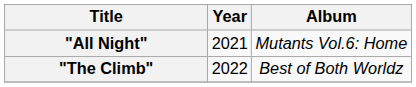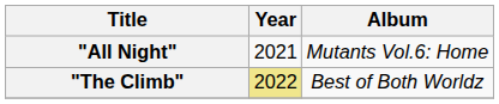 <table class="wikitable plainrowheaders" style="text-align:center;" border="1">
 <tr>
 <th scope="col" style="width:12em;">Title</th>
 <th scope="col">Year</th>
 <th scope="col">Album</th>
 </tr>
 <tr>
 <th scope="row">"All Night"<br></th>
 <td>2021</td>
 <td><em>Mutants Vol.6: Home</em></td>
 </tr>
 <tr>
 <th scope="row">"The Climb"<br></th>
-<td>2022</td>
+<td style="background: khaki;">2022</td>
 <td><em>Best of Both Worldz</em></td>
 </tr>
 <tr>
 </tr>
 </table>
